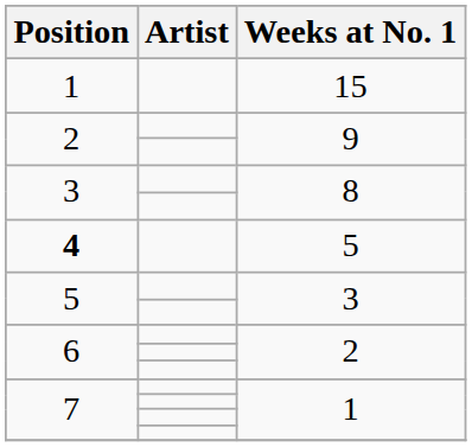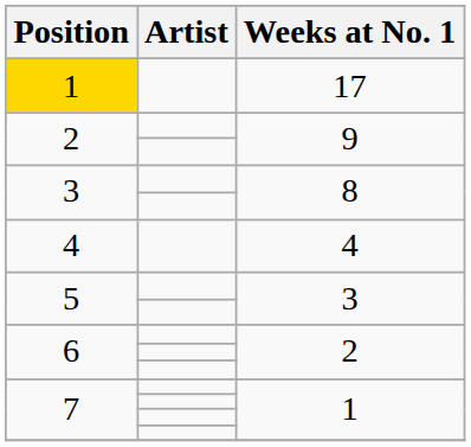 <table class="wikitable plainrowheaders" style="text-align:center;">
 <tr>
 <th>Position</th>
 <th>Artist</th>
 <th>Weeks at No. 1</th>
 </tr>
 <tr>
-<td>1</td>
+<td style="background: gold;">1</td>
 <td></td>
-<td>15</td>
+<td>17</td>
 </tr>
 <tr>
 <td rowspan=2>2</td>
 <td></td>
 <td rowspan=2>9</td>
 </tr>
 <tr>
 <td></td>
 </tr>
 <tr>
 <td rowspan=2>3</td>
 <td></td>
 <td rowspan=2>8</td>
 </tr>
 <tr>
 <td></td>
 </tr>
 <tr>
-<td><strong>4</strong></td>
+<td>4</td>
 <td></td>
-<td>5</td>
+<td>4</td>
 </tr>
 <tr>
 <td rowspan=2>5</td>
 <td></td>
 <td rowspan=2>3</td>
 </tr>
 <tr>
 <td></td>
 </tr>
 <tr>
 <td rowspan=3>6</td>
 <td></td>
 <td rowspan=3>2</td>
 </tr>
 <tr>
 <td></td>
 </tr>
 <tr>
 <td></td>
 </tr>
 <tr>
 <td rowspan=4>7</td>
 <td></td>
 <td rowspan=4>1</td>
 </tr>
 <tr>
 <td></td>
 </tr>
 <tr>
 <td></td>
 </tr>
 <tr>
 <td></td>
 </tr>
 <tr>
 </tr>
 </table>
